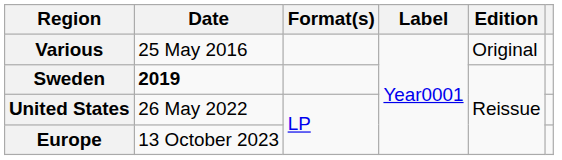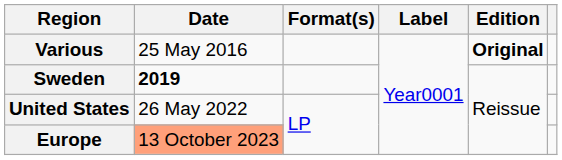 <table class="wikitable plainrowheaders">
 <tr>
 <th scope="col">Region</th>
 <th scope="col">Date</th>
 <th scope="col">Format(s)</th>
 <th scope="col">Label</th>
 <th scope="col">Edition</th>
 <th scope="col"></th>
 </tr>
 <tr>
 <th scope="row">Various</th>
 <td>25 May 2016</td>
 <td></td>
 <td rowspan="4"><a href='#'>Year0001</a></td>
-<td>Original</td>
+<td><strong>Original</strong></td>
 <td align="center"></td>
 </tr>
 <tr>
 <th scope="row">Sweden</th>
 <td><strong>2019</strong></td>
 <td></td>
 <td rowspan="3">Reissue</td>
 <td align="center"></td>
 </tr>
 <tr>
 <th scope="row">United States</th>
 <td>26 May 2022</td>
 <td rowspan="2"><a href='#'>LP</a></td>
 <td align="center"></td>
 </tr>
 <tr>
 <th scope="row">Europe</th>
-<td>13 October 2023</td>
+<td style="background: lightsalmon;">13 October 2023</td>
 <td align="center"></td>
 </tr>
 </table>
